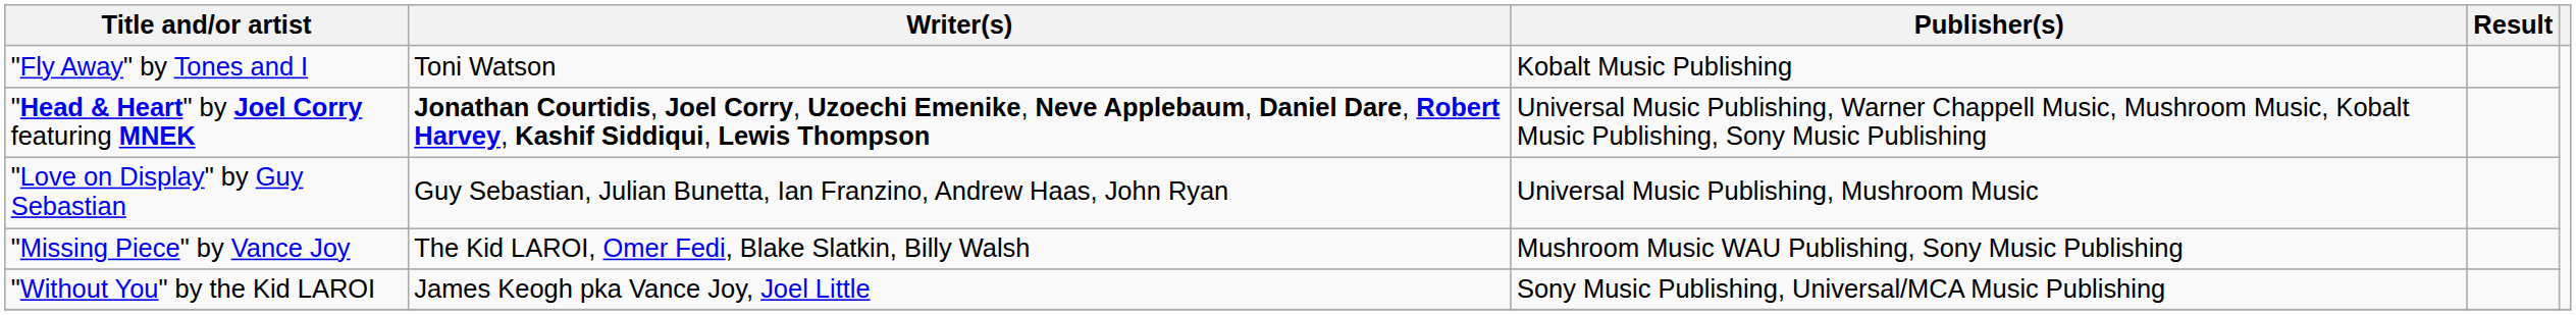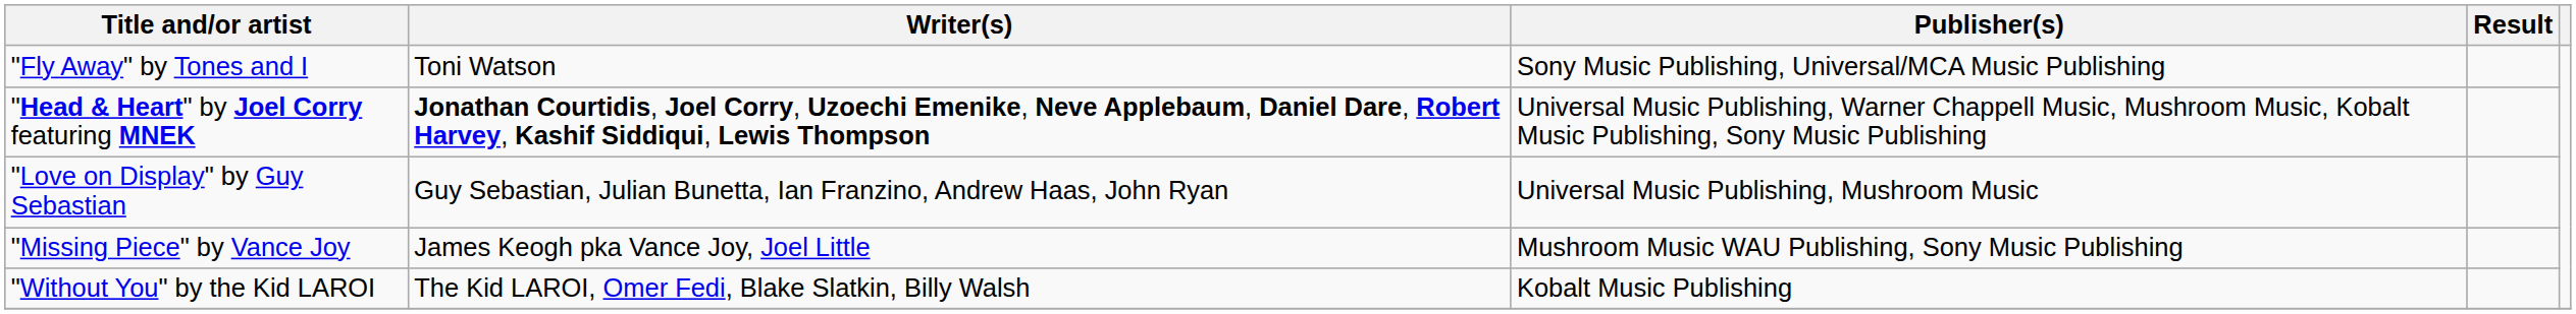 <table class="wikitable" width=100%>
 <tr>
 <th scope="col">Title and/or artist</th>
 <th scope="col">Writer(s)</th>
 <th scope="col">Publisher(s)</th>
 <th scope="col">Result</th>
 <th scope="col"></th>
 </tr>
 <tr>
 <td>"<a href='#'>Fly Away</a>" by <a href='#'>Tones and I</a></td>
 <td>Toni Watson</td>
-<td>Kobalt Music Publishing</td>
+<td>Sony Music Publishing, Universal/MCA Music Publishing</td>
 <td></td>
 <td rowspan="5"></td>
 </tr>
 <tr>
 <td>"<strong><a href='#'>Head & Heart</a></strong>" by <strong><a href='#'>Joel Corry</a></strong> featuring <strong><a href='#'>MNEK</a></strong></td>
 <td><strong>Jonathan Courtidis</strong>, <strong>Joel Corry</strong>, <strong>Uzoechi Emenike</strong>, <strong>Neve Applebaum</strong>, <strong>Daniel Dare</strong>, <strong><a href='#'>Robert Harvey</a></strong>, <strong>Kashif Siddiqui</strong>, <strong>Lewis Thompson</strong></td>
 <td>Universal Music Publishing, Warner Chappell Music, Mushroom Music, Kobalt Music Publishing, Sony Music Publishing</td>
 <td></td>
 </tr>
 <tr>
 <td>"<a href='#'>Love on Display</a>" by <a href='#'>Guy Sebastian</a></td>
 <td>Guy Sebastian, Julian Bunetta, Ian Franzino, Andrew Haas, John Ryan</td>
 <td>Universal Music Publishing, Mushroom Music</td>
 <td></td>
 </tr>
 <tr>
 <td>"<a href='#'>Missing Piece</a>" by <a href='#'>Vance Joy</a></td>
-<td>The Kid LAROI, <a href='#'>Omer Fedi</a>, Blake Slatkin, Billy Walsh</td>
+<td>James Keogh pka Vance Joy, <a href='#'>Joel Little</a></td>
 <td>Mushroom Music  WAU Publishing, Sony Music Publishing</td>
 <td></td>
 </tr>
 <tr>
 <td>"<a href='#'>Without You</a>" by the Kid LAROI</td>
-<td>James Keogh pka Vance Joy, <a href='#'>Joel Little</a></td>
-<td>Sony Music Publishing, Universal/MCA Music Publishing</td>
+<td>The Kid LAROI, <a href='#'>Omer Fedi</a>, Blake Slatkin, Billy Walsh</td>
+<td>Kobalt Music Publishing</td>
 <td></td>
 </tr>
 <tr>
 </tr>
 </table>
